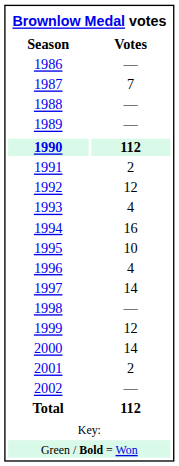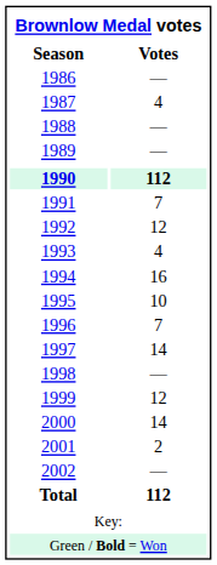 <table style="margin-right:4px; margin-top:8px; float:right; border:1px #000 solid; background:#fff; font-family:Verdana; font-size:8pt; text-align:center;">
 <tr style="background:#fff;">
 <td colspan="2;" style="padding:3px; margin-bottom:-3px; margin-top:2px; font-family:Arial; "><strong><a href='#'>Brownlow Medal</a> votes</strong></td>
 </tr>
 <tr>
 <th style="width:50%;">Season</th>
 <th style="width:50%;">Votes</th>
 </tr>
 <tr>
 <td><a href='#'>1986</a></td>
 <td>—</td>
 </tr>
 <tr>
 <td><a href='#'>1987</a></td>
-<td>7</td>
+<td>4</td>
 </tr>
 <tr>
 <td><a href='#'>1988</a></td>
 <td>—</td>
 </tr>
 <tr>
 <td><a href='#'>1989</a></td>
 <td>—</td>
 </tr>
 <tr>
 </tr>
 <tr style="background:#D9F9E9;">
 <td><strong><a href='#'>1990</a></strong></td>
 <td><strong>112</strong></td>
 </tr>
 <tr>
 <td><a href='#'>1991</a></td>
-<td>2</td>
+<td>7</td>
 </tr>
 <tr>
 <td><a href='#'>1992</a></td>
 <td>12</td>
 </tr>
 <tr>
 <td><a href='#'>1993</a></td>
 <td>4</td>
 </tr>
 <tr>
 <td><a href='#'>1994</a></td>
 <td>16</td>
 </tr>
 <tr>
 <td><a href='#'>1995</a></td>
 <td>10</td>
 </tr>
 <tr>
 <td><a href='#'>1996</a></td>
-<td>4</td>
+<td>7</td>
 </tr>
 <tr>
 <td><a href='#'>1997</a></td>
 <td>14</td>
 </tr>
 <tr>
 <td><a href='#'>1998</a></td>
 <td>—</td>
 </tr>
 <tr>
 <td><a href='#'>1999</a></td>
 <td>12</td>
 </tr>
 <tr>
 <td><a href='#'>2000</a></td>
 <td>14</td>
 </tr>
 <tr>
 <td><a href='#'>2001</a></td>
 <td>2</td>
 </tr>
 <tr>
 <td><a href='#'>2002</a></td>
 <td>—</td>
 </tr>
 <tr>
 <td><strong>Total</strong></td>
 <td><strong>112</strong></td>
 </tr>
 <tr>
 <td colspan=2><small>Key:</small></td>
 </tr>
 <tr style="background:#d9f9e9; border:1px solid #aaa; width:2em;">
 <td colspan=2><small>Green / <strong>Bold</strong> = <a href='#'>Won</a></small></td>
 </tr>
 </table>
